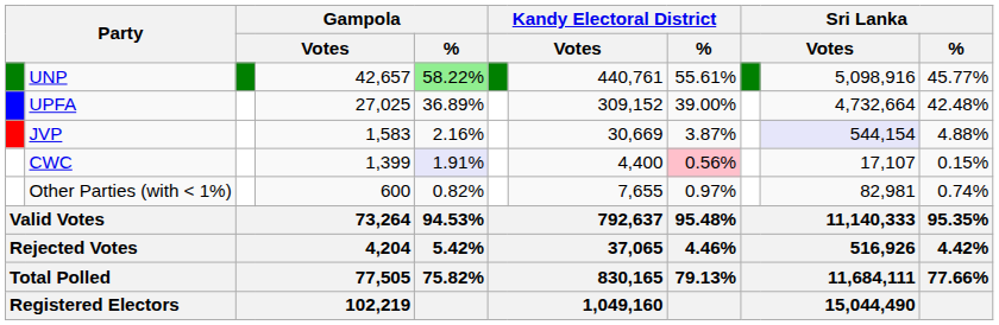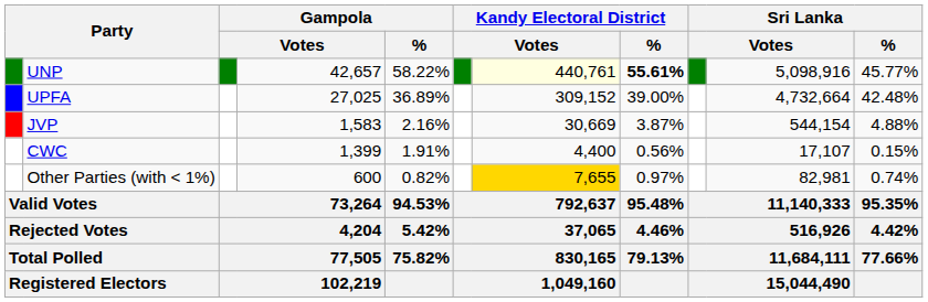 <table class="wikitable">
 <tr>
 <th colspan="2" width="144px"rowspan="2">Party</th>
 <th colspan="3" width="216px">Gampola</th>
 <th colspan="3" width="216px"><a href='#'>Kandy Electoral District</a></th>
 <th colspan="3" width="216px">Sri Lanka</th>
 </tr>
 <tr>
 <th colspan="2" width="144px">Votes</th>
 <th>%</th>
 <th colspan="2" width="144px">Votes</th>
 <th>%</th>
 <th colspan="2" width="144px">Votes</th>
 <th>%</th>
 </tr>
 <tr>
 <td style="background-color:green;" width="10px"></td>
 <td style="text-align:left;"><a href='#'>UNP</a></td>
 <td style="background-color:green;" width="10px"></td>
 <td style="text-align:right;">42,657</td>
-<td style="background: lightgreen; text-align:right;">58.22%</td>
+<td style="text-align:right;">58.22%</td>
 <td style="background-color:green;" width="10px"></td>
-<td style="text-align:right;">440,761</td>
-<td style="text-align:right;">55.61%</td>
+<td style="background: lightyellow; text-align:right;">440,761</td>
+<td style="text-align:right;"><strong>55.61%</strong></td>
 <td style="background-color:green;" width="10px"></td>
 <td style="text-align:right;">5,098,916</td>
 <td style="text-align:right;">45.77%</td>
 </tr>
 <tr>
 <td style="background-color:blue;" width="10px"></td>
 <td style="text-align:left;"><a href='#'>UPFA</a></td>
 <td style="background-color:white;" width="10px"></td>
 <td style="text-align:right;">27,025</td>
 <td style="text-align:right;">36.89%</td>
 <td style="background-color:white;" width="10px"></td>
 <td style="text-align:right;">309,152</td>
 <td style="text-align:right;">39.00%</td>
 <td style="background-color:white;" width="10px"></td>
 <td style="text-align:right;">4,732,664</td>
 <td style="text-align:right;">42.48%</td>
 </tr>
 <tr>
 <td style="background-color:red;" width="10px"></td>
 <td style="text-align:left;"><a href='#'>JVP</a></td>
 <td style="background-color:white;" width="10px"></td>
 <td style="text-align:right;">1,583</td>
 <td style="text-align:right;">2.16%</td>
 <td style="background-color:white;" width="10px"></td>
 <td style="text-align:right;">30,669</td>
 <td style="text-align:right;">3.87%</td>
 <td style="background-color:white;" width="10px"></td>
-<td style="background: lavender; text-align:right;">544,154</td>
+<td style="text-align:right;">544,154</td>
 <td style="text-align:right;">4.88%</td>
 </tr>
 <tr>
 <td style="background-color:white;" width="10px"></td>
 <td style="text-align:left;"><a href='#'>CWC</a></td>
 <td style="background-color:white;" width="10px"></td>
 <td style="text-align:right;">1,399</td>
-<td style="background: lavender; text-align:right;">1.91%</td>
+<td style="text-align:right;">1.91%</td>
 <td style="background-color:white;" width="10px"></td>
 <td style="text-align:right;">4,400</td>
-<td style="background: pink; text-align:right;">0.56%</td>
+<td style="text-align:right;">0.56%</td>
 <td style="background-color:white;" width="10px"></td>
 <td style="text-align:right;">17,107</td>
 <td style="text-align:right;">0.15%</td>
 </tr>
 <tr>
 <td style="background-color:white;" width="10px"></td>
 <td style="text-align:left;">Other Parties (with < 1%)</td>
 <td style="background-color:white;" width="10px"></td>
 <td style="text-align:right;">600</td>
 <td style="text-align:right;">0.82%</td>
 <td style="background-color:white;" width="10px"></td>
-<td style="text-align:right;">7,655</td>
+<td style="background: gold; text-align:right;">7,655</td>
 <td style="text-align:right;">0.97%</td>
 <td style="background-color:white;" width="10px"></td>
 <td style="text-align:right;">82,981</td>
 <td style="text-align:right;">0.74%</td>
 </tr>
 <tr>
 <th colspan="2" width="144px"style="text-align:left;">Valid Votes</th>
 <th style="text-align:right;"colspan="2" width="144px">73,264</th>
 <th style="text-align:right;">94.53%</th>
 <th style="text-align:right;"colspan="2" width="144px">792,637</th>
 <th style="text-align:right;">95.48%</th>
 <th style="text-align:right;"colspan="2" width="144px">11,140,333</th>
 <th style="text-align:right;">95.35%</th>
 </tr>
 <tr>
 <th colspan="2" width="144px"style="text-align:left;">Rejected Votes</th>
 <th style="text-align:right;"colspan="2" width="144px">4,204</th>
 <th style="text-align:right;">5.42%</th>
 <th style="text-align:right;"colspan="2" width="144px">37,065</th>
 <th style="text-align:right;">4.46%</th>
 <th style="text-align:right;"colspan="2" width="144px">516,926</th>
 <th style="text-align:right;">4.42%</th>
 </tr>
 <tr>
 <th colspan="2" width="144px"style="text-align:left;">Total Polled</th>
 <th style="text-align:right;"colspan="2" width="144px">77,505</th>
 <th style="text-align:right;">75.82%</th>
 <th style="text-align:right;"colspan="2" width="144px">830,165</th>
 <th style="text-align:right;">79.13%</th>
 <th style="text-align:right;"colspan="2" width="144px">11,684,111</th>
 <th style="text-align:right;">77.66%</th>
 </tr>
 <tr>
 <th colspan="2" width="144px"style="text-align:left;">Registered Electors</th>
 <th style="text-align:right;"colspan="2" width="144px">102,219</th>
 <th></th>
 <th style="text-align:right;"colspan="2" width="144px">1,049,160</th>
 <th></th>
 <th style="text-align:right;"colspan="2" width="144px">15,044,490</th>
 <th></th>
 </tr>
 </table>
